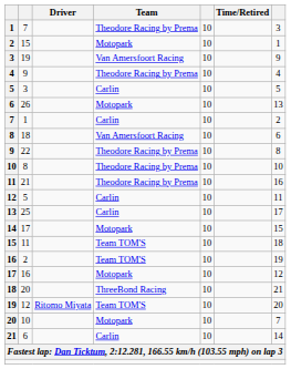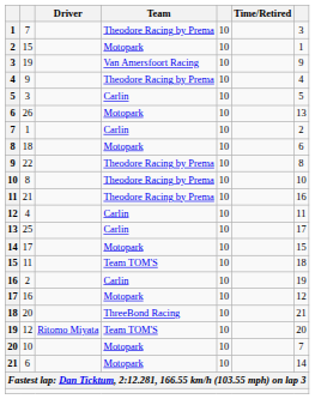 <table class="wikitable sortable" style="font-size:85%;">
 <tr>
 <th scope="col"></th>
 <th scope="col"></th>
 <th scope="col">Driver</th>
 <th scope="col">Team</th>
 <th scope="col"></th>
 <th scope="col">Time/Retired</th>
 <th scope="col"></th>
 </tr>
 <tr>
 <th scope="row">1</th>
 <td align=center>7</td>
 <td> </td>
 <td><a href='#'>Theodore Racing by Prema</a></td>
 <td align="center">10</td>
 <td align="center"></td>
 <td align="center">3</td>
 </tr>
 <tr>
 <th scope="row">2</th>
 <td align=center>15</td>
 <td> </td>
 <td><a href='#'>Motopark</a></td>
 <td align="center">10</td>
 <td align="center"></td>
 <td align="center">1</td>
 </tr>
 <tr>
 <th scope="row">3</th>
 <td align=center>19</td>
 <td> </td>
 <td><a href='#'>Van Amersfoort Racing</a></td>
 <td align="center">10</td>
 <td align="center"></td>
 <td align="center">9</td>
 </tr>
 <tr>
 <th scope="row">4</th>
 <td align=center>9</td>
 <td> </td>
 <td><a href='#'>Theodore Racing by Prema</a></td>
 <td align="center">10</td>
 <td align="center"></td>
 <td align="center">4</td>
 </tr>
 <tr>
 <th scope="row">5</th>
 <td align=center>3</td>
 <td> </td>
 <td><a href='#'>Carlin</a></td>
 <td align="center">10</td>
 <td align="center"></td>
 <td align="center">5</td>
 </tr>
 <tr>
 <th scope="row">6</th>
 <td align=center>26</td>
 <td> </td>
 <td><a href='#'>Motopark</a></td>
 <td align="center">10</td>
 <td align="center"></td>
 <td align="center">13</td>
 </tr>
 <tr>
 <th scope="row">7</th>
 <td align=center>1</td>
 <td> </td>
 <td><a href='#'>Carlin</a></td>
 <td align="center">10</td>
 <td align="center"></td>
 <td align="center">2</td>
 </tr>
 <tr>
 <th scope="row">8</th>
 <td align=center>18</td>
 <td> </td>
-<td><a href='#'>Van Amersfoort Racing</a></td>
+<td><a href='#'>Motopark</a></td>
 <td align="center">10</td>
 <td align="center"></td>
 <td align="center">6</td>
 </tr>
 <tr>
 <th scope="row">9</th>
 <td align=center>22</td>
 <td> </td>
 <td><a href='#'>Theodore Racing by Prema</a></td>
 <td align="center">10</td>
 <td align="center"></td>
 <td align="center">8</td>
 </tr>
 <tr>
 <th scope="row">10</th>
 <td align=center>8</td>
 <td> </td>
 <td><a href='#'>Theodore Racing by Prema</a></td>
 <td align="center">10</td>
 <td align="center"></td>
 <td align="center">10</td>
 </tr>
 <tr>
 <th scope="row">11</th>
 <td align=center>21</td>
 <td> </td>
 <td><a href='#'>Theodore Racing by Prema</a></td>
 <td align="center">10</td>
 <td align="center"></td>
 <td align="center">16</td>
 </tr>
 <tr>
 <th scope="row">12</th>
-<td align=center>5</td>
+<td align=center>4</td>
 <td> </td>
 <td><a href='#'>Carlin</a></td>
 <td align="center">10</td>
 <td align="center"></td>
 <td align="center">11</td>
 </tr>
 <tr>
 <th scope="row">13</th>
 <td align=center>25</td>
 <td> </td>
 <td><a href='#'>Carlin</a></td>
 <td align="center">10</td>
 <td align="center"></td>
 <td align="center">17</td>
 </tr>
 <tr>
 <th scope="row">14</th>
 <td align=center>17</td>
 <td> </td>
 <td><a href='#'>Motopark</a></td>
 <td align="center">10</td>
 <td align="center"></td>
 <td align="center">15</td>
 </tr>
 <tr>
 <th scope="row">15</th>
 <td align=center>11</td>
 <td> </td>
 <td><a href='#'>Team TOM'S</a></td>
 <td align="center">10</td>
 <td align="center"></td>
 <td align="center">18</td>
 </tr>
 <tr>
 <th scope="row">16</th>
 <td align=center>2</td>
 <td> </td>
-<td><a href='#'>Team TOM'S</a></td>
+<td><a href='#'>Carlin</a></td>
 <td align="center">10</td>
 <td align="center"></td>
 <td align="center">19</td>
 </tr>
 <tr>
 <th scope="row">17</th>
 <td align=center>16</td>
 <td> </td>
 <td><a href='#'>Motopark</a></td>
 <td align="center">10</td>
 <td align="center"></td>
 <td align="center">12</td>
 </tr>
 <tr>
 <th scope="row">18</th>
 <td align=center>20</td>
 <td> </td>
 <td><a href='#'>ThreeBond Racing</a></td>
 <td align="center">10</td>
 <td align="center"></td>
 <td align="center">21</td>
 </tr>
 <tr>
 <th scope="row">19</th>
 <td align=center>12</td>
 <td> <a href='#'>Ritomo Miyata</a></td>
 <td><a href='#'>Team TOM'S</a></td>
 <td align="center">10</td>
 <td align="center"></td>
 <td align="center">20</td>
 </tr>
 <tr>
 <th scope="row">20</th>
 <td align=center>10</td>
 <td> </td>
 <td><a href='#'>Motopark</a></td>
 <td align="center">10</td>
 <td align="center"></td>
 <td align="center">7</td>
 </tr>
 <tr>
 <th scope="row">21</th>
 <td align=center>6</td>
 <td> </td>
-<td><a href='#'>Carlin</a></td>
+<td><a href='#'>Motopark</a></td>
 <td align="center">10</td>
 <td align="center"></td>
 <td align="center">14</td>
 </tr>
 <tr class="sortbottom">
 <th colspan="7"><em>Fastest lap: <a href='#'>Dan Ticktum</a>, 2:12.281, 166.55 km/h (103.55 mph) on lap 3</em></th>
 </tr>
 <tr class="sortbottom">
 <td colspan=10></td>
 </tr>
 </table>
